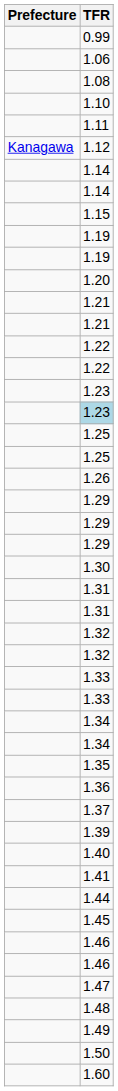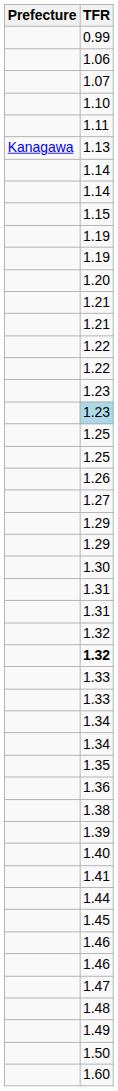 <table class="wikitable sortable">
 <tr>
 <th>Prefecture</th>
 <th>TFR</th>
 </tr>
 <tr>
 <td></td>
 <td>0.99</td>
 </tr>
 <tr>
 <td></td>
 <td>1.06</td>
 </tr>
 <tr>
 <td></td>
-<td>1.08</td>
+<td>1.07</td>
 </tr>
 <tr>
 <td></td>
 <td>1.10</td>
 </tr>
 <tr>
 <td></td>
 <td>1.11</td>
 </tr>
 <tr>
 <td> <a href='#'>Kanagawa</a></td>
-<td>1.12</td>
+<td>1.13</td>
 </tr>
 <tr>
 <td></td>
 <td>1.14</td>
 </tr>
 <tr>
 <td></td>
 <td>1.14</td>
 </tr>
 <tr>
 <td></td>
 <td>1.15</td>
 </tr>
 <tr>
 <td></td>
 <td>1.19</td>
 </tr>
 <tr>
 <td></td>
 <td>1.19</td>
 </tr>
 <tr>
 <td><strong></strong></td>
 <td>1.20</td>
 </tr>
 <tr>
 <td></td>
 <td>1.21</td>
 </tr>
 <tr>
 <td></td>
 <td>1.21</td>
 </tr>
 <tr>
 <td></td>
 <td>1.22</td>
 </tr>
 <tr>
 <td></td>
 <td>1.22</td>
 </tr>
 <tr>
 <td></td>
 <td>1.23</td>
 </tr>
 <tr>
 <td></td>
 <td style="background: lightblue;">1.23</td>
 </tr>
 <tr>
 <td></td>
 <td>1.25</td>
 </tr>
 <tr>
 <td></td>
 <td>1.25</td>
 </tr>
 <tr>
 <td></td>
 <td>1.26</td>
 </tr>
 <tr>
 <td></td>
-<td>1.29</td>
+<td>1.27</td>
 </tr>
 <tr>
 <td></td>
 <td>1.29</td>
 </tr>
 <tr>
 <td></td>
 <td>1.29</td>
 </tr>
 <tr>
 <td></td>
 <td>1.30</td>
 </tr>
 <tr>
 <td></td>
 <td>1.31</td>
 </tr>
 <tr>
 <td></td>
 <td>1.31</td>
 </tr>
 <tr>
 <td></td>
 <td>1.32</td>
 </tr>
 <tr>
 <td></td>
-<td>1.32</td>
+<td><strong>1.32</strong></td>
 </tr>
 <tr>
 <td></td>
 <td>1.33</td>
 </tr>
 <tr>
 <td></td>
 <td>1.33</td>
 </tr>
 <tr>
 <td></td>
 <td>1.34</td>
 </tr>
 <tr>
 <td></td>
 <td>1.34</td>
 </tr>
 <tr>
 <td></td>
 <td>1.35</td>
 </tr>
 <tr>
 <td></td>
 <td>1.36</td>
 </tr>
 <tr>
 <td></td>
-<td>1.37</td>
+<td>1.38</td>
 </tr>
 <tr>
 <td></td>
 <td>1.39</td>
 </tr>
 <tr>
 <td></td>
 <td>1.40</td>
 </tr>
 <tr>
 <td></td>
 <td>1.41</td>
 </tr>
 <tr>
 <td></td>
 <td>1.44</td>
 </tr>
 <tr>
 <td></td>
 <td>1.45</td>
 </tr>
 <tr>
 <td></td>
 <td>1.46</td>
 </tr>
 <tr>
 <td></td>
 <td>1.46</td>
 </tr>
 <tr>
 <td></td>
 <td>1.47</td>
 </tr>
 <tr>
 <td></td>
 <td>1.48</td>
 </tr>
 <tr>
 <td></td>
 <td>1.49</td>
 </tr>
 <tr>
 <td></td>
 <td>1.50</td>
 </tr>
 <tr>
 <td></td>
 <td>1.60</td>
 </tr>
 </table>
